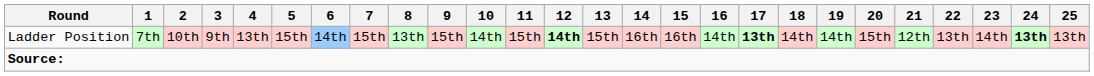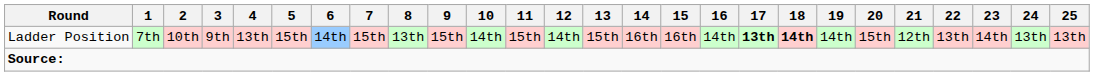 <table class="wikitable">
 <tr>
 <th>Round</th>
 <th>1</th>
 <th>2</th>
 <th>3</th>
 <th>4</th>
 <th>5</th>
 <th>6</th>
 <th>7</th>
 <th>8</th>
 <th>9</th>
 <th>10</th>
 <th>11</th>
 <th>12</th>
 <th>13</th>
 <th>14</th>
 <th>15</th>
 <th>16</th>
 <th>17</th>
 <th>18</th>
 <th>19</th>
 <th>20</th>
 <th>21</th>
 <th>22</th>
 <th>23</th>
 <th>24</th>
 <th>25</th>
 </tr>
 <tr>
 <td>Ladder Position</td>
 <td style="text-align:center; background:#cfc;">7th</td>
 <td style="text-align:center; background:#FFCFCF">10th</td>
 <td style="text-align:center; background:#FFCFCF">9th</td>
 <td style="text-align:center; background:#FFCFCF">13th</td>
 <td style="text-align:center; background:#FFCFCF">15th</td>
 <td style="text-align:center; background:#99ccff">14th</td>
 <td style="text-align:center; background:#FFCFCF">15th</td>
 <td style="text-align:center; background:#cfc;">13th</td>
 <td style="text-align:center; background:#FFCFCF">15th</td>
 <td style="text-align:center; background:#cfc;">14th</td>
 <td style="text-align:center; background:#FFCFCF">15th</td>
-<td style="text-align:center; background:#cfc;"><strong>14th</strong></td>
+<td style="text-align:center; background:#cfc;">14th</td>
 <td style="text-align:center; background:#FFCFCF">15th</td>
 <td style="text-align:center; background:#FFCFCF">16th</td>
 <td style="text-align:center; background:#FFCFCF">16th</td>
 <td style="text-align:center; background:#cfc;">14th</td>
 <td style="text-align:center; background:#cfc;"><strong>13th</strong></td>
-<td style="text-align:center; background:#FFCFCF">14th</td>
+<td style="text-align:center; background:#FFCFCF"><strong>14th</strong></td>
 <td style="text-align:center; background:#cfc;">14th</td>
 <td style="text-align:center; background:#FFCFCF">15th</td>
 <td style="text-align:center; background:#cfc;">12th</td>
 <td style="text-align:center; background:#FFCFCF">13th</td>
 <td style="text-align:center; background:#FFCFCF">14th</td>
-<td style="text-align:center; background:#cfc;"><strong>13th</strong></td>
+<td style="text-align:center; background:#cfc;">13th</td>
 <td style="text-align:center; background:#FFCFCF">13th</td>
 </tr>
 <tr>
 <td colspan="26"><strong>Source:</strong></td>
 </tr>
 </table>
